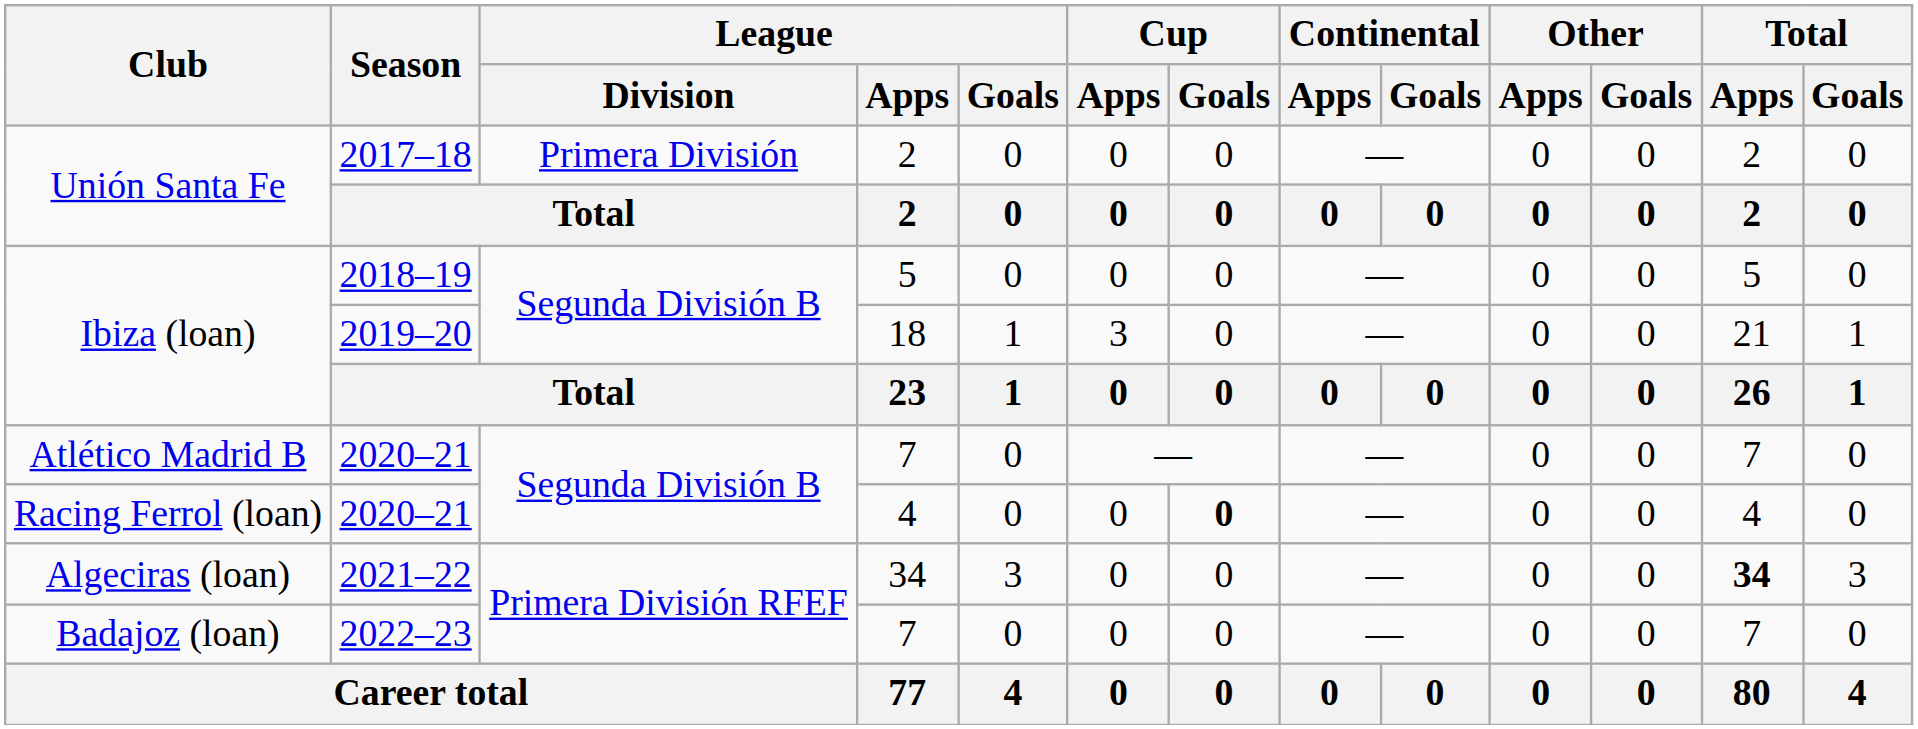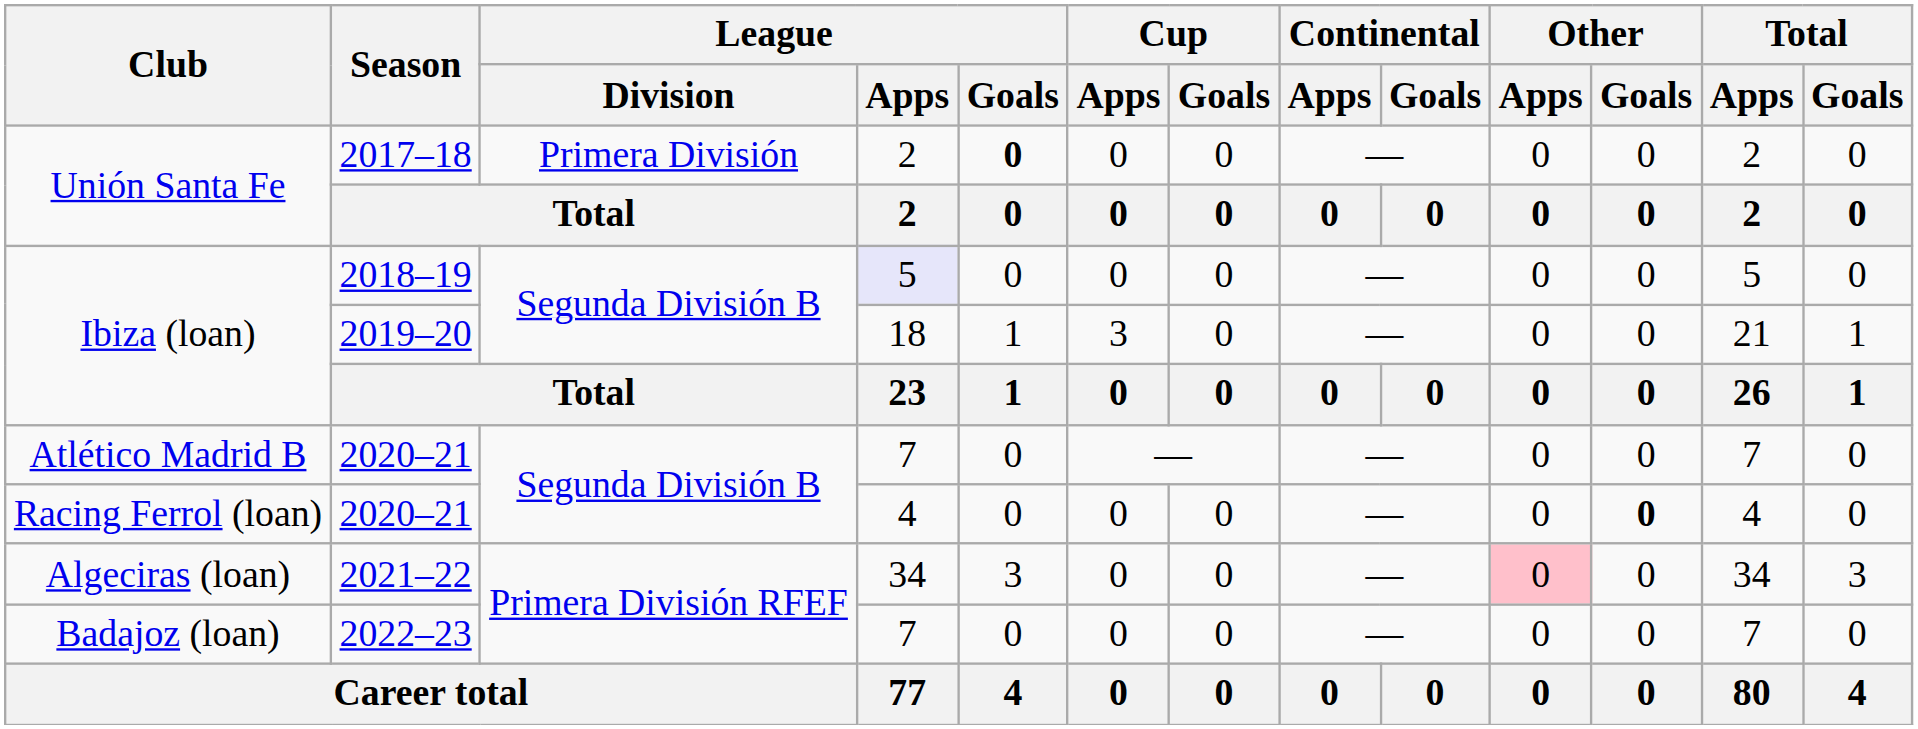 <table class="wikitable" style="text-align:center">
 <tr>
 <th rowspan="2">Club</th>
 <th rowspan="2">Season</th>
 <th colspan="3">League</th>
 <th colspan="2">Cup</th>
 <th colspan="2">Continental</th>
 <th colspan="2">Other</th>
 <th colspan="2">Total</th>
 </tr>
 <tr>
 <th>Division</th>
 <th>Apps</th>
 <th>Goals</th>
 <th>Apps</th>
 <th>Goals</th>
 <th>Apps</th>
 <th>Goals</th>
 <th>Apps</th>
 <th>Goals</th>
 <th>Apps</th>
 <th>Goals</th>
 </tr>
 <tr>
 <td rowspan="2"><a href='#'>Unión Santa Fe</a></td>
 <td><a href='#'>2017–18</a></td>
 <td><a href='#'>Primera División</a></td>
 <td>2</td>
-<td>0</td>
+<td><strong>0</strong></td>
 <td>0</td>
 <td>0</td>
 <td colspan="2">—</td>
 <td>0</td>
 <td>0</td>
 <td>2</td>
 <td>0</td>
 </tr>
 <tr>
 <th colspan="2">Total</th>
 <th>2</th>
 <th>0</th>
 <th>0</th>
 <th>0</th>
 <th>0</th>
 <th>0</th>
 <th>0</th>
 <th>0</th>
 <th>2</th>
 <th>0</th>
 </tr>
 <tr>
 <td rowspan="3"><a href='#'>Ibiza</a> (loan)</td>
 <td><a href='#'>2018–19</a></td>
 <td rowspan="2"><a href='#'>Segunda División B</a></td>
-<td>5</td>
+<td style="background: lavender;">5</td>
 <td>0</td>
 <td>0</td>
 <td>0</td>
 <td colspan="2">—</td>
 <td>0</td>
 <td>0</td>
 <td>5</td>
 <td>0</td>
 </tr>
 <tr>
 <td><a href='#'>2019–20</a></td>
 <td>18</td>
 <td>1</td>
 <td>3</td>
 <td>0</td>
 <td colspan="2">—</td>
 <td>0</td>
 <td>0</td>
 <td>21</td>
 <td>1</td>
 </tr>
 <tr>
 <th colspan="2">Total</th>
 <th>23</th>
 <th>1</th>
 <th>0</th>
 <th>0</th>
 <th>0</th>
 <th>0</th>
 <th>0</th>
 <th>0</th>
 <th>26</th>
 <th>1</th>
 </tr>
 <tr>
 <td rowspan="1"><a href='#'>Atlético Madrid B</a></td>
 <td><a href='#'>2020–21</a></td>
 <td rowspan="2"><a href='#'>Segunda División B</a></td>
 <td>7</td>
 <td>0</td>
 <td colspan="2">—</td>
 <td colspan="2">—</td>
 <td>0</td>
 <td>0</td>
 <td>7</td>
 <td>0</td>
 </tr>
 <tr>
 <td rowspan="1"><a href='#'>Racing Ferrol</a> (loan)</td>
 <td><a href='#'>2020–21</a></td>
 <td>4</td>
 <td>0</td>
 <td>0</td>
-<td><strong>0</strong></td>
+<td>0</td>
 <td colspan="2">—</td>
 <td>0</td>
-<td>0</td>
+<td><strong>0</strong></td>
 <td>4</td>
 <td>0</td>
 </tr>
 <tr>
 <td><a href='#'>Algeciras</a> (loan)</td>
 <td><a href='#'>2021–22</a></td>
 <td rowspan="2"><a href='#'>Primera División RFEF</a></td>
 <td>34</td>
 <td>3</td>
 <td>0</td>
 <td>0</td>
 <td colspan="2">—</td>
+<td style="background: pink;">0</td>
 <td>0</td>
-<td>0</td>
-<td><strong>34</strong></td>
+<td>34</td>
 <td>3</td>
 </tr>
 <tr>
 <td><a href='#'>Badajoz</a> (loan)</td>
 <td><a href='#'>2022–23</a></td>
 <td>7</td>
 <td>0</td>
 <td>0</td>
 <td>0</td>
 <td colspan="2">—</td>
 <td>0</td>
 <td>0</td>
 <td>7</td>
 <td>0</td>
 </tr>
 <tr>
 <th colspan="3">Career total</th>
 <th>77</th>
 <th>4</th>
 <th>0</th>
 <th>0</th>
 <th>0</th>
 <th>0</th>
 <th>0</th>
 <th>0</th>
 <th>80</th>
 <th>4</th>
 </tr>
 </table>
